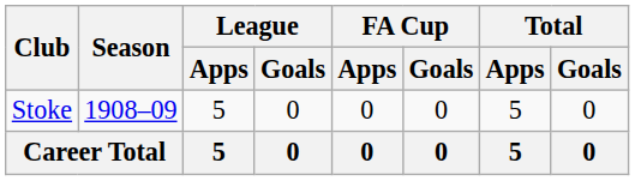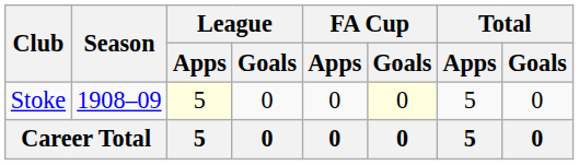 <table class="wikitable" style="text-align: center;">
 <tr>
 <th rowspan="2">Club</th>
 <th rowspan="2">Season</th>
 <th colspan="2">League</th>
 <th colspan="2">FA Cup</th>
 <th colspan="2">Total</th>
 </tr>
 <tr>
 <th>Apps</th>
 <th>Goals</th>
 <th>Apps</th>
 <th>Goals</th>
 <th>Apps</th>
 <th>Goals</th>
 </tr>
 <tr>
 <td><a href='#'>Stoke</a></td>
 <td><a href='#'>1908–09</a></td>
-<td>5</td>
+<td style="background: lightyellow;">5</td>
 <td>0</td>
 <td>0</td>
-<td>0</td>
+<td style="background: lightyellow;">0</td>
 <td>5</td>
 <td>0</td>
 </tr>
 <tr>
 <th colspan="2">Career Total</th>
 <th>5</th>
 <th>0</th>
 <th>0</th>
 <th>0</th>
 <th>5</th>
 <th>0</th>
 </tr>
 </table>
